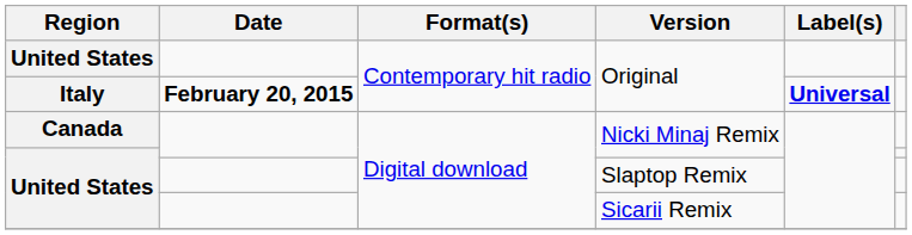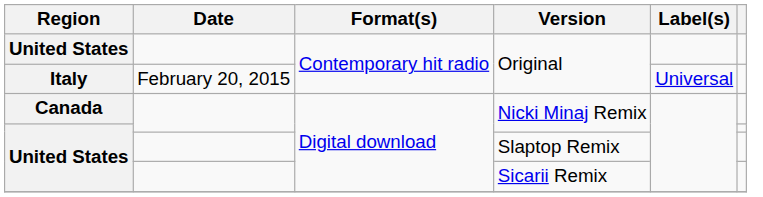 <table class="wikitable plainrowheaders">
 <tr>
 <th scope="col">Region</th>
 <th scope="col">Date</th>
 <th scope="col">Format(s)</th>
 <th scope="col">Version</th>
 <th scope="col">Label(s)</th>
 <th scope="col"></th>
 </tr>
 <tr>
 <th scope="row">United States</th>
 <td></td>
 <td rowspan="2"><a href='#'>Contemporary hit radio</a></td>
 <td rowspan="2">Original</td>
 <td></td>
 <td></td>
 </tr>
 <tr>
 <th scope="row">Italy</th>
-<td><strong>February 20, 2015</strong></td>
-<td><strong><a href='#'>Universal</a></strong></td>
+<td>February 20, 2015</td>
+<td><a href='#'>Universal</a></td>
 <td></td>
 </tr>
 <tr>
 <th scope="row">Canada</th>
 <td rowspan="2"></td>
 <td rowspan="4"><a href='#'>Digital download</a></td>
 <td rowspan="2"><a href='#'>Nicki Minaj</a> Remix</td>
 <td rowspan="4"></td>
 <td></td>
 </tr>
 <tr>
 <th rowspan="3" scope="row">United States</th>
 <td></td>
 </tr>
 <tr>
 <td></td>
 <td>Slaptop Remix</td>
 <td></td>
 </tr>
 <tr>
 <td></td>
 <td><a href='#'>Sicarii</a> Remix</td>
 <td></td>
 </tr>
 <tr>
 </tr>
 </table>
